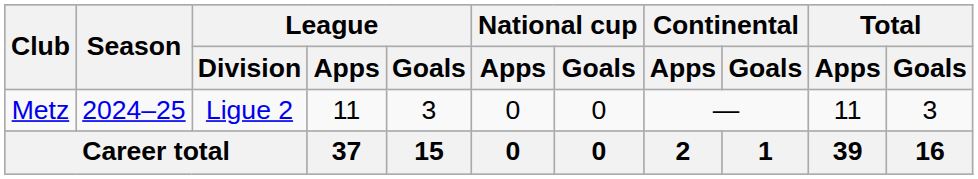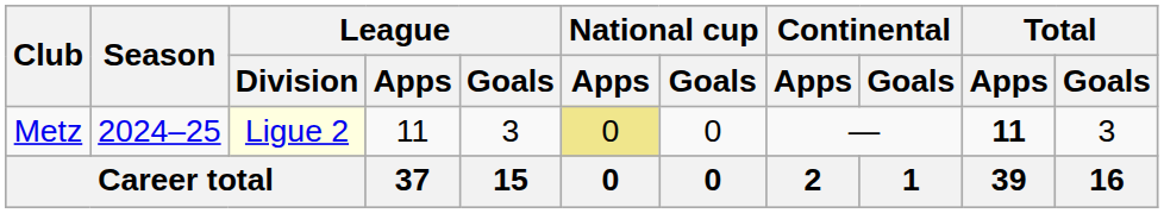 <table class="wikitable" style="text-align: center">
 <tr>
 <th rowspan="2">Club</th>
 <th rowspan="2">Season</th>
 <th colspan="3">League</th>
 <th colspan="2">National cup</th>
 <th colspan="2">Continental</th>
 <th colspan="2">Total</th>
 </tr>
 <tr>
 <th>Division</th>
 <th>Apps</th>
 <th>Goals</th>
 <th>Apps</th>
 <th>Goals</th>
 <th>Apps</th>
 <th>Goals</th>
 <th>Apps</th>
 <th>Goals</th>
 </tr>
 <tr>
 <td><a href='#'>Metz</a></td>
 <td><a href='#'>2024–25</a></td>
-<td><a href='#'>Ligue 2</a></td>
+<td style="background: lightyellow;"><a href='#'>Ligue 2</a></td>
 <td>11</td>
 <td>3</td>
-<td>0</td>
+<td style="background: khaki;">0</td>
 <td>0</td>
 <td colspan="2">—</td>
-<td>11</td>
+<td><strong>11</strong></td>
 <td>3</td>
 </tr>
 <tr>
 <th colspan="3">Career total</th>
 <th>37</th>
 <th>15</th>
 <th>0</th>
 <th>0</th>
 <th>2</th>
 <th>1</th>
 <th>39</th>
 <th>16</th>
 </tr>
 </table>
